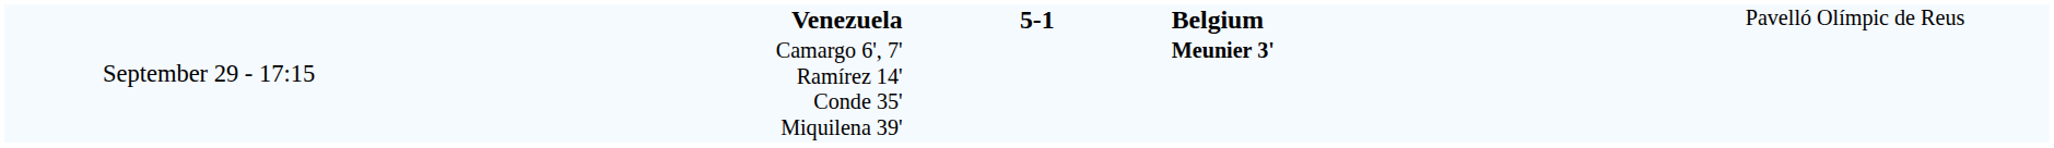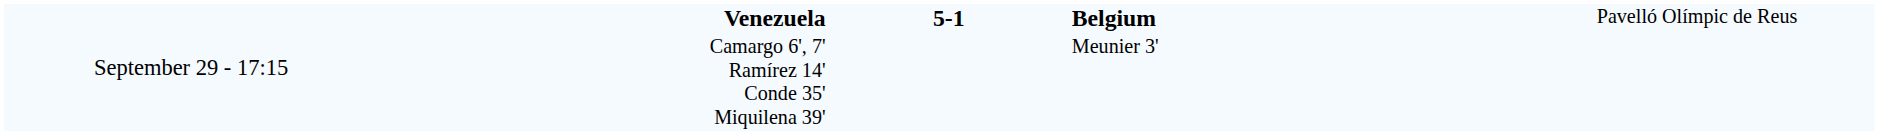 <table style="width: 100%; background:#F5FAFF;" cellspacing="0">
 <tr>
 <td style=font-size:95% align=center rowspan=3 width=20%>September 29 - 17:15</td>
 </tr>
 <tr>
 <td width=24% align=right><strong>Venezuela</strong></td>
 <td align=center width=13%><strong>5-1</strong></td>
 <td width=24%><strong>Belgium</strong></td>
 <td style=font-size:85% rowspan=3 valign=top align=center>Pavelló Olímpic de Reus</td>
 </tr>
 <tr style=font-size:85%>
 <td align=right valign=top>Camargo 6', 7'<br>Ramírez 14'<br>Conde 35'<br>Miquilena 39'</td>
 <td></td>
-<td valign=top><strong>Meunier 3'</strong></td>
+<td valign=top>Meunier 3'</td>
 </tr>
 </table>
